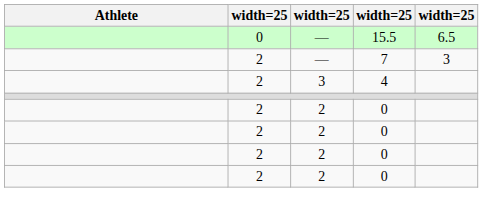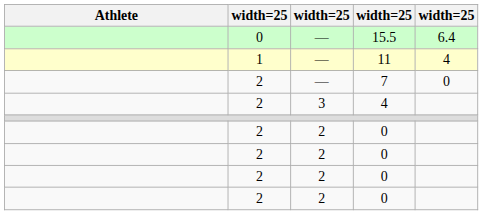 <table class="wikitable" style="text-align: center;">
 <tr>
 <th width=250>Athlete</th>
 <th>width=25</th>
 <th>width=25</th>
 <th>width=25</th>
 <th>width=25</th>
 </tr>
 <tr bgcolor="ccffcc">
 <td align="left"></td>
 <td>0</td>
 <td>—</td>
 <td>15.5</td>
-<td>6.5</td>
+<td>6.4</td>
+</tr>
+<tr bgcolor="ffffcc">
+<td align="left"></td>
+<td>1</td>
+<td>—</td>
+<td>11</td>
+<td>4</td>
 </tr>
 <tr>
 <td align="left"></td>
 <td>2</td>
 <td>—</td>
 <td>7</td>
-<td>3</td>
+<td>0</td>
 </tr>
 <tr>
 <td align="left"></td>
 <td>2</td>
 <td>3</td>
 <td>4</td>
 <td></td>
 </tr>
 <tr bgcolor=#DDDDDD>
 <td colspan=5></td>
 </tr>
 <tr>
 <td align="left"></td>
 <td>2</td>
 <td>2</td>
 <td>0</td>
 <td></td>
 </tr>
 <tr>
 <td align="left"></td>
 <td>2</td>
 <td>2</td>
 <td>0</td>
 <td></td>
 </tr>
 <tr>
 <td align="left"></td>
 <td>2</td>
 <td>2</td>
 <td>0</td>
 <td></td>
 </tr>
 <tr>
 <td align="left"></td>
 <td>2</td>
 <td>2</td>
 <td>0</td>
 <td></td>
 </tr>
 </table>
